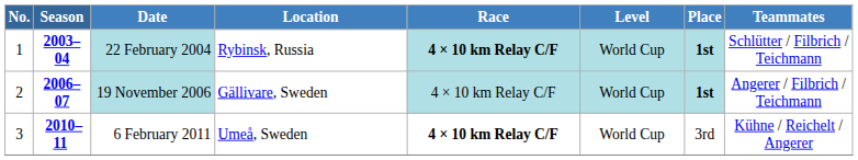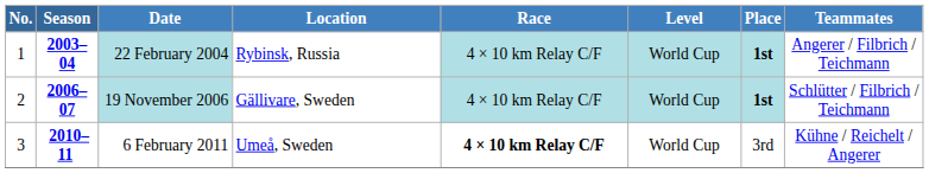 <table class="wikitable sortable" style="font-size:95%; text-align:center; border:grey solid 1px; border-collapse:collapse; background:#ffffff;">
 <tr style="background:#efefef;">
 <th style="background-color:#369; color:white;">No.</th>
 <th style="background-color:#369; color:white;">Season</th>
 <th style="background-color:#4180be; color:white; width:120px;">Date</th>
 <th style="background-color:#4180be; color:white; width:190px;">Location</th>
 <th style="background-color:#4180be; color:white; width:170px;">Race</th>
 <th style="background-color:#4180be; color:white; width:100px;">Level</th>
 <th style="background-color:#4180be; color:white;">Place</th>
 <th style="background-color:#4180be; color:white;">Teammates</th>
 </tr>
 <tr>
 <td align=center>1</td>
 <td rowspan=1 align=center><strong><a href='#'>2003–04</a></strong></td>
 <td bgcolor="#BOEOE6" align=right>22 February 2004</td>
 <td align=left> <a href='#'>Rybinsk</a>, Russia</td>
-<td bgcolor="#BOEOE6"><strong>4 × 10 km Relay C/F</strong></td>
+<td bgcolor="#BOEOE6">4 × 10 km Relay C/F</td>
 <td bgcolor="#BOEOE6">World Cup</td>
 <td bgcolor="#BOEOE6"><strong>1st</strong></td>
-<td><a href='#'>Schlütter</a> / <a href='#'>Filbrich</a> / <a href='#'>Teichmann</a></td>
+<td><a href='#'>Angerer</a> / <a href='#'>Filbrich</a> / <a href='#'>Teichmann</a></td>
 </tr>
 <tr>
 <td align=center>2</td>
 <td rowspan=1 align=center><strong><a href='#'>2006–07</a></strong></td>
 <td bgcolor="#BOEOE6" align=right>19 November 2006</td>
 <td align=left> <a href='#'>Gällivare</a>, Sweden</td>
 <td bgcolor="#BOEOE6">4 × 10 km Relay C/F</td>
 <td bgcolor="#BOEOE6">World Cup</td>
 <td bgcolor="#BOEOE6"><strong>1st</strong></td>
-<td><a href='#'>Angerer</a> / <a href='#'>Filbrich</a> / <a href='#'>Teichmann</a></td>
+<td><a href='#'>Schlütter</a> / <a href='#'>Filbrich</a> / <a href='#'>Teichmann</a></td>
 </tr>
 <tr>
 <td align=center>3</td>
 <td rowspan=1 align=center><strong> <a href='#'>2010–11</a> </strong></td>
 <td align=right>6 February 2011</td>
 <td align=left> <a href='#'>Umeå</a>, Sweden</td>
 <td><strong>4 × 10 km Relay C/F</strong></td>
 <td>World Cup</td>
 <td>3rd</td>
 <td><a href='#'>Kühne</a> / <a href='#'>Reichelt</a> /  <a href='#'>Angerer</a></td>
 </tr>
 <tr>
 </tr>
 </table>
